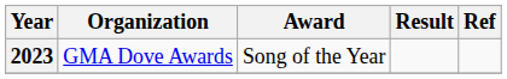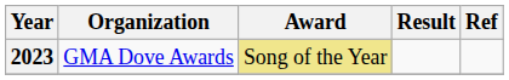 <table class="wikitable plainrowheaders">
 <tr>
 <th>Year</th>
 <th>Organization</th>
 <th>Award</th>
 <th>Result</th>
 <th style="text-align:center">Ref</th>
 </tr>
 <tr>
 <th scope="row">2023</th>
 <td><a href='#'>GMA Dove Awards</a></td>
-<td>Song of the Year</td>
+<td style="background: khaki;">Song of the Year</td>
 <td></td>
 <td></td>
 </tr>
 <tr>
 </tr>
 </table>
